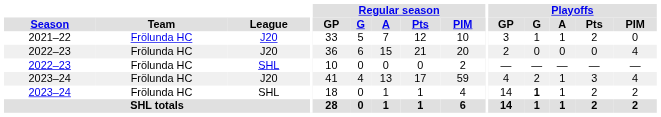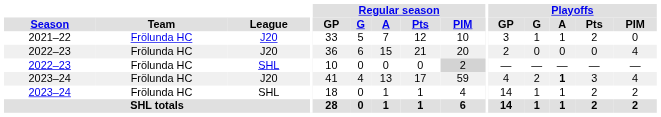 <table border="0" cellpadding="1" cellspacing="0" style="text-align:center; width:60em">
 <tr bgcolor="#e0e0e0">
 <th colspan="3" bgcolor="#ffffff"></th>
 <th rowspan="102" bgcolor="#ffffff"></th>
 <th colspan="5"><a href='#'>Regular season</a></th>
 <th rowspan="102" bgcolor="#ffffff"></th>
 <th colspan="5"><a href='#'>Playoffs</a></th>
 </tr>
 <tr bgcolor="#e0e0e0">
 <th><a href='#'>Season</a></th>
 <th>Team</th>
 <th>League</th>
 <th>GP</th>
 <th><a href='#'>G</a></th>
 <th><a href='#'>A</a></th>
 <th><a href='#'>Pts</a></th>
 <th><a href='#'>PIM</a></th>
 <th>GP</th>
 <th>G</th>
 <th>A</th>
 <th>Pts</th>
 <th>PIM</th>
 </tr>
 <tr>
 <td>2021–22</td>
 <td><a href='#'>Frölunda HC</a></td>
 <td><a href='#'>J20</a></td>
 <td>33</td>
 <td>5</td>
 <td>7</td>
 <td>12</td>
 <td>10</td>
 <td>3</td>
 <td>1</td>
 <td>1</td>
 <td>2</td>
 <td>0</td>
 </tr>
 <tr style="background:#f0f0f0;">
 <td>2022–23</td>
 <td>Frölunda HC</td>
 <td>J20</td>
 <td>36</td>
 <td>6</td>
 <td>15</td>
 <td>21</td>
 <td>20</td>
 <td>2</td>
 <td>0</td>
 <td>0</td>
 <td>0</td>
 <td>4</td>
 </tr>
 <tr>
 <td><a href='#'>2022–23</a></td>
 <td>Frölunda HC</td>
 <td><a href='#'>SHL</a></td>
 <td>10</td>
 <td>0</td>
 <td>0</td>
 <td>0</td>
-<td>2</td>
+<td style="background: lightgrey;">2</td>
 <td>—</td>
 <td>—</td>
 <td>—</td>
 <td>—</td>
 <td>—</td>
 </tr>
 <tr style="background:#f0f0f0;">
 <td>2023–24</td>
 <td>Frölunda HC</td>
 <td>J20</td>
 <td>41</td>
 <td>4</td>
 <td>13</td>
 <td>17</td>
 <td>59</td>
 <td>4</td>
 <td>2</td>
-<td>1</td>
+<td><strong>1</strong></td>
 <td>3</td>
 <td>4</td>
 </tr>
 <tr>
 <td><a href='#'>2023–24</a></td>
 <td>Frölunda HC</td>
 <td>SHL</td>
 <td>18</td>
 <td>0</td>
 <td>1</td>
 <td>1</td>
 <td>4</td>
 <td>14</td>
-<td><strong>1</strong></td>
+<td>1</td>
 <td>1</td>
 <td>2</td>
 <td>2</td>
 </tr>
 <tr bgcolor="#e0e0e0">
 <th colspan="3">SHL totals</th>
 <th>28</th>
 <th>0</th>
 <th>1</th>
 <th>1</th>
 <th>6</th>
 <th>14</th>
 <th>1</th>
 <th>1</th>
 <th>2</th>
 <th>2</th>
 </tr>
 </table>
